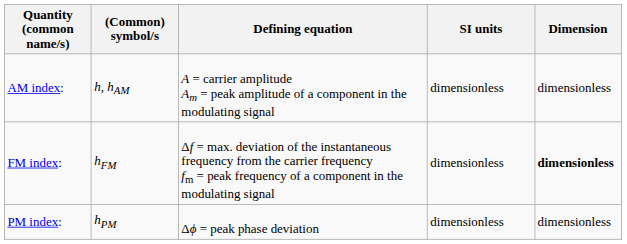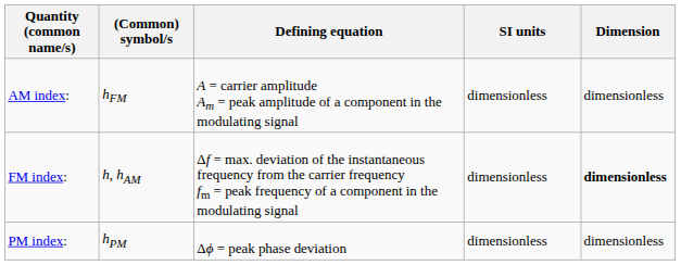 <table class="wikitable">
 <tr>
 <th scope="col" style="width:100px;">Quantity (common name/s)</th>
 <th scope="col" style="width:100px;">(Common) symbol/s</th>
 <th scope="col" style="width:300px;">Defining equation</th>
 <th scope="col" style="width:125px;">SI units</th>
 <th scope="col" style="width:100px;">Dimension</th>
 </tr>
 <tr>
 <td><a href='#'>AM index</a>:<br></td>
-<td><em>h</em>, <em>h<sub>AM</sub></em></td>
+<td><em>h<sub>FM</sub></em></td>
 <td><br><em>A</em> = carrier amplitude <br> <em>A<sub>m</sub></em> = peak amplitude of a component in the modulating signal <br></td>
 <td>dimensionless</td>
 <td>dimensionless</td>
 </tr>
 <tr>
 <td><a href='#'>FM index</a>:<br></td>
-<td><em>h<sub>FM</sub></em></td>
+<td><em>h</em>, <em>h<sub>AM</sub></em></td>
 <td><br>Δ<em>f</em> = max. deviation of the instantaneous frequency from the carrier frequency<br> <em>f</em><sub>m</sub> = peak frequency of a component in the modulating signal <br></td>
 <td>dimensionless</td>
 <td><strong>dimensionless</strong></td>
 </tr>
 <tr>
 <td><a href='#'>PM index</a>:<br></td>
 <td><em>h<sub>PM</sub></em></td>
 <td><br>Δ<em>ϕ</em> = peak phase deviation</td>
 <td>dimensionless</td>
 <td>dimensionless</td>
 </tr>
 </table>
